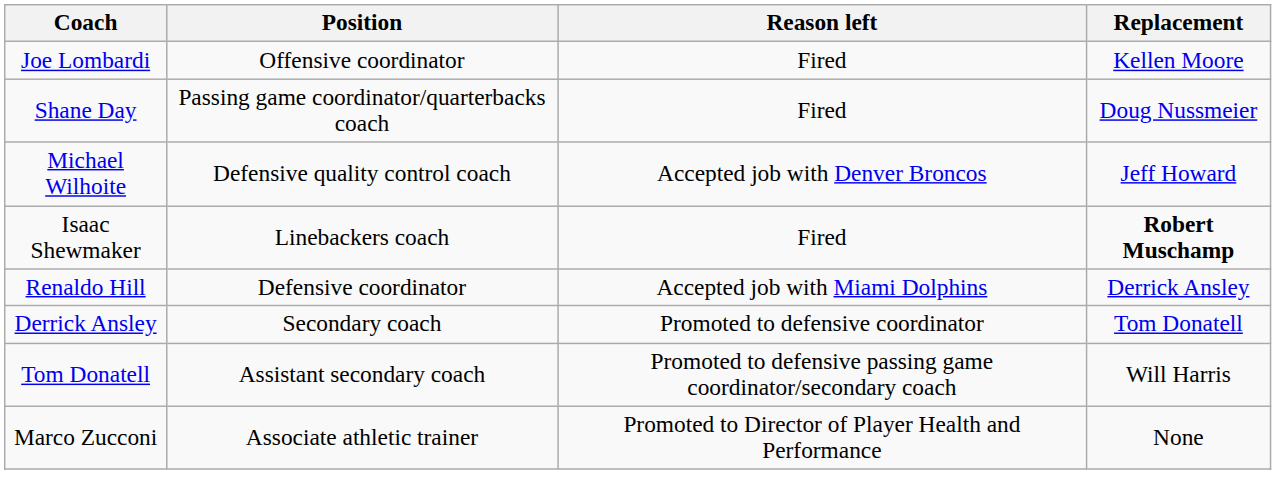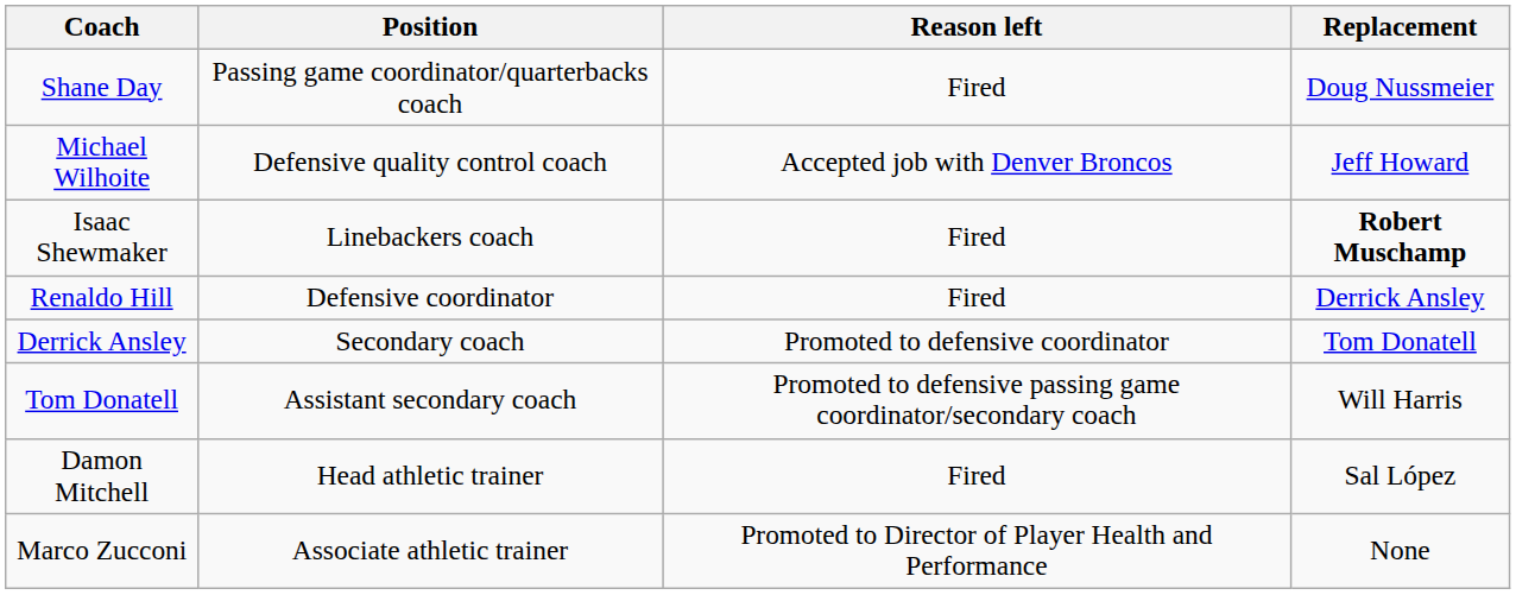 <table class="wikitable" style="text-align:center">
 <tr>
 <th>Coach</th>
 <th>Position</th>
 <th>Reason left</th>
 <th>Replacement</th>
-</tr>
-<tr>
-<td><a href='#'>Joe Lombardi</a></td>
-<td>Offensive coordinator</td>
-<td>Fired</td>
-<td><a href='#'>Kellen Moore</a></td>
 </tr>
 <tr>
 <td><a href='#'>Shane Day</a></td>
 <td>Passing game coordinator/quarterbacks coach</td>
 <td>Fired</td>
 <td><a href='#'>Doug Nussmeier</a></td>
 </tr>
 <tr>
 <td><a href='#'>Michael Wilhoite</a></td>
 <td>Defensive quality control coach</td>
 <td>Accepted job with <a href='#'>Denver Broncos</a></td>
 <td><a href='#'>Jeff Howard</a></td>
 </tr>
 <tr>
 <td>Isaac Shewmaker</td>
 <td>Linebackers coach</td>
 <td>Fired</td>
 <td><strong>Robert Muschamp</strong></td>
 </tr>
 <tr>
 <td><a href='#'>Renaldo Hill</a></td>
 <td>Defensive coordinator</td>
-<td>Accepted job with <a href='#'>Miami Dolphins</a></td>
+<td>Fired</td>
 <td><a href='#'>Derrick Ansley</a></td>
 </tr>
 <tr>
 <td><a href='#'>Derrick Ansley</a></td>
 <td>Secondary coach</td>
 <td>Promoted to defensive coordinator</td>
 <td><a href='#'>Tom Donatell</a></td>
 </tr>
 <tr>
 <td><a href='#'>Tom Donatell</a></td>
 <td>Assistant secondary coach</td>
 <td>Promoted to defensive passing game coordinator/secondary coach</td>
 <td>Will Harris</td>
 </tr>
 <tr>
+<td>Damon Mitchell</td>
+<td>Head athletic trainer</td>
+<td>Fired</td>
+<td>Sal López</td>
+</tr>
+<tr>
 <td>Marco Zucconi</td>
 <td>Associate athletic trainer</td>
 <td>Promoted to Director of Player Health and Performance</td>
 <td>None</td>
 </tr>
 </table>
